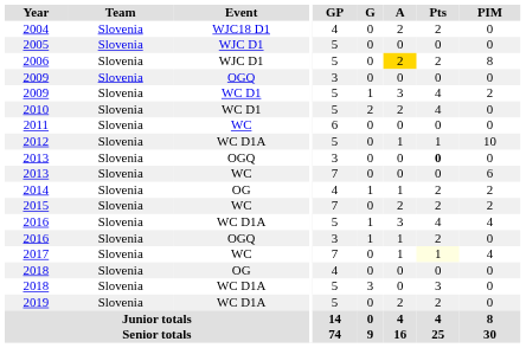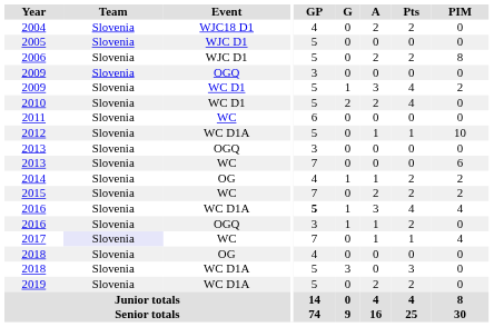 <table border="0" cellpadding="1" cellspacing="0" ID="Table3" style="text-align:center; width:40em">
 <tr ALIGN="center" bgcolor="#e0e0e0">
 <th>Year</th>
 <th>Team</th>
 <th>Event</th>
 <th rowspan="102" bgcolor="#ffffff"></th>
 <th>GP</th>
 <th>G</th>
 <th>A</th>
 <th>Pts</th>
 <th>PIM</th>
 </tr>
 <tr>
 <td><a href='#'>2004</a></td>
 <td><a href='#'>Slovenia</a></td>
 <td><a href='#'>WJC18 D1</a></td>
 <td>4</td>
 <td>0</td>
 <td>2</td>
 <td>2</td>
 <td>0</td>
 </tr>
 <tr bgcolor="#f0f0f0">
 <td><a href='#'>2005</a></td>
 <td><a href='#'>Slovenia</a></td>
 <td><a href='#'>WJC D1</a></td>
 <td>5</td>
 <td>0</td>
 <td>0</td>
 <td>0</td>
 <td>0</td>
 </tr>
 <tr>
 <td><a href='#'>2006</a></td>
 <td>Slovenia</td>
 <td>WJC D1</td>
 <td>5</td>
 <td>0</td>
-<td style="background: gold;">2</td>
+<td>2</td>
 <td>2</td>
 <td>8</td>
 </tr>
 <tr bgcolor="#f0f0f0">
 <td><a href='#'>2009</a></td>
 <td><a href='#'>Slovenia</a></td>
 <td><a href='#'>OGQ</a></td>
 <td>3</td>
 <td>0</td>
 <td>0</td>
 <td>0</td>
 <td>0</td>
 </tr>
 <tr>
 <td><a href='#'>2009</a></td>
 <td>Slovenia</td>
 <td><a href='#'>WC D1</a></td>
 <td>5</td>
 <td>1</td>
 <td>3</td>
 <td>4</td>
 <td>2</td>
 </tr>
 <tr bgcolor="#f0f0f0">
 <td><a href='#'>2010</a></td>
 <td>Slovenia</td>
 <td>WC D1</td>
 <td>5</td>
 <td>2</td>
 <td>2</td>
 <td>4</td>
 <td>0</td>
 </tr>
 <tr>
 <td><a href='#'>2011</a></td>
 <td>Slovenia</td>
 <td><a href='#'>WC</a></td>
 <td>6</td>
 <td>0</td>
 <td>0</td>
 <td>0</td>
 <td>0</td>
 </tr>
 <tr bgcolor="#f0f0f0">
 <td><a href='#'>2012</a></td>
 <td>Slovenia</td>
 <td>WC D1A</td>
 <td>5</td>
 <td>0</td>
 <td>1</td>
 <td>1</td>
 <td>10</td>
 </tr>
 <tr>
 <td><a href='#'>2013</a></td>
 <td>Slovenia</td>
 <td>OGQ</td>
 <td>3</td>
 <td>0</td>
 <td>0</td>
-<td><strong>0</strong></td>
+<td>0</td>
 <td>0</td>
 </tr>
 <tr bgcolor="#f0f0f0">
 <td><a href='#'>2013</a></td>
 <td>Slovenia</td>
 <td>WC</td>
 <td>7</td>
 <td>0</td>
 <td>0</td>
 <td>0</td>
 <td>6</td>
 </tr>
 <tr>
 <td><a href='#'>2014</a></td>
 <td>Slovenia</td>
 <td>OG</td>
 <td>4</td>
 <td>1</td>
 <td>1</td>
 <td>2</td>
 <td>2</td>
 </tr>
 <tr bgcolor="#f0f0f0">
 <td><a href='#'>2015</a></td>
 <td>Slovenia</td>
 <td>WC</td>
 <td>7</td>
 <td>0</td>
 <td>2</td>
 <td>2</td>
 <td>2</td>
 </tr>
 <tr>
 <td><a href='#'>2016</a></td>
 <td>Slovenia</td>
 <td>WC D1A</td>
-<td>5</td>
+<td><strong>5</strong></td>
 <td>1</td>
 <td>3</td>
 <td>4</td>
 <td>4</td>
 </tr>
 <tr bgcolor="#f0f0f0">
 <td><a href='#'>2016</a></td>
 <td>Slovenia</td>
 <td>OGQ</td>
 <td>3</td>
 <td>1</td>
 <td>1</td>
 <td>2</td>
 <td>0</td>
 </tr>
 <tr>
 <td><a href='#'>2017</a></td>
-<td>Slovenia</td>
+<td style="background: lavender;">Slovenia</td>
 <td>WC</td>
 <td>7</td>
 <td>0</td>
 <td>1</td>
-<td style="background: lightyellow;">1</td>
+<td>1</td>
 <td>4</td>
 </tr>
 <tr bgcolor="#f0f0f0">
 <td><a href='#'>2018</a></td>
 <td>Slovenia</td>
 <td>OG</td>
 <td>4</td>
 <td>0</td>
 <td>0</td>
 <td>0</td>
 <td>0</td>
 </tr>
 <tr>
 <td><a href='#'>2018</a></td>
 <td>Slovenia</td>
 <td>WC D1A</td>
 <td>5</td>
 <td>3</td>
 <td>0</td>
 <td>3</td>
 <td>0</td>
 </tr>
 <tr bgcolor="#f0f0f0">
 <td><a href='#'>2019</a></td>
 <td>Slovenia</td>
 <td>WC D1A</td>
 <td>5</td>
 <td>0</td>
 <td>2</td>
 <td>2</td>
 <td>0</td>
 </tr>
 <tr bgcolor="#e0e0e0">
 <th colspan=3>Junior totals</th>
 <th>14</th>
 <th>0</th>
 <th>4</th>
 <th>4</th>
 <th>8</th>
 </tr>
 <tr bgcolor="#e0e0e0">
 <th colspan=3>Senior totals</th>
 <th>74</th>
 <th>9</th>
 <th>16</th>
 <th>25</th>
 <th>30</th>
 </tr>
 </table>
